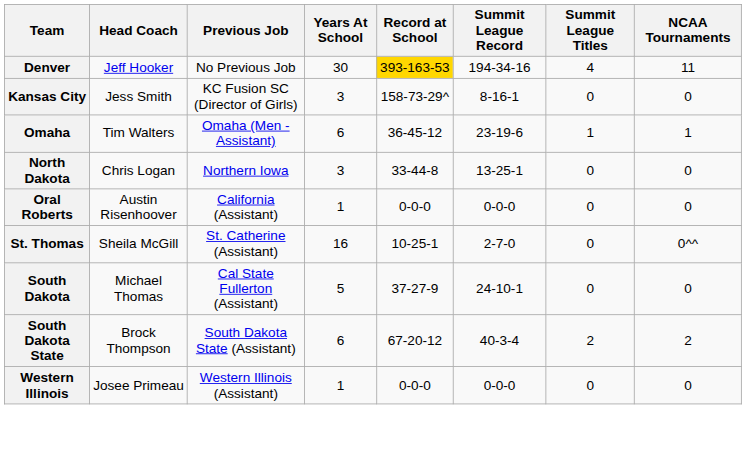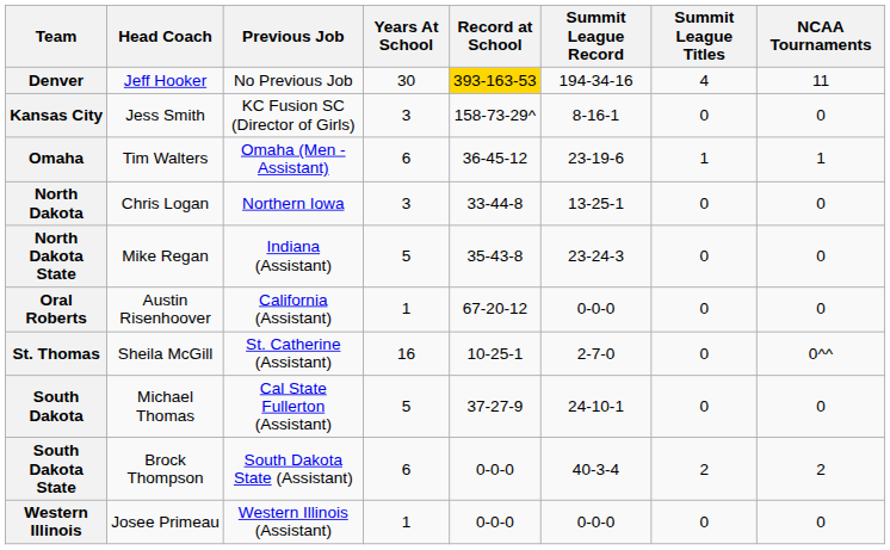 <table class="wikitable sortable" style="text-align:center">
 <tr>
 <th>Team</th>
 <th>Head Coach</th>
 <th>Previous Job</th>
 <th>Years At School</th>
 <th>Record at School</th>
 <th>Summit League Record</th>
 <th>Summit League Titles</th>
 <th>NCAA Tournaments</th>
 </tr>
 <tr>
 <th>Denver</th>
 <td><a href='#'>Jeff Hooker</a></td>
 <td>No Previous Job</td>
 <td>30</td>
 <td style="background: gold;">393-163-53</td>
 <td>194-34-16</td>
 <td>4</td>
 <td>11</td>
 </tr>
 <tr>
 <th>Kansas City</th>
 <td>Jess Smith</td>
 <td>KC Fusion SC (Director of Girls)</td>
 <td>3</td>
 <td>158-73-29^</td>
 <td>8-16-1</td>
 <td>0</td>
 <td>0</td>
 </tr>
 <tr>
 <th>Omaha</th>
 <td>Tim Walters</td>
 <td><a href='#'>Omaha (Men - Assistant)</a></td>
 <td>6</td>
 <td>36-45-12</td>
 <td>23-19-6</td>
 <td>1</td>
 <td>1</td>
 </tr>
 <tr>
 <th>North Dakota</th>
 <td>Chris Logan</td>
 <td><a href='#'>Northern Iowa</a></td>
 <td>3</td>
 <td>33-44-8</td>
 <td>13-25-1</td>
 <td>0</td>
 <td>0</td>
 </tr>
 <tr>
+<th>North Dakota State</th>
+<td>Mike Regan</td>
+<td><a href='#'>Indiana</a> (Assistant)</td>
+<td>5</td>
+<td>35-43-8</td>
+<td>23-24-3</td>
+<td>0</td>
+<td>0</td>
+</tr>
+<tr>
 <th>Oral Roberts</th>
 <td>Austin Risenhoover</td>
 <td><a href='#'>California</a> (Assistant)</td>
 <td>1</td>
-<td>0-0-0</td>
+<td>67-20-12</td>
 <td>0-0-0</td>
 <td>0</td>
 <td>0</td>
 </tr>
 <tr>
 <th>St. Thomas</th>
 <td>Sheila McGill</td>
 <td><a href='#'>St. Catherine</a> (Assistant)</td>
 <td>16</td>
 <td>10-25-1</td>
 <td>2-7-0</td>
 <td>0</td>
 <td>0^^</td>
 </tr>
 <tr>
 <th>South Dakota</th>
 <td>Michael Thomas</td>
 <td><a href='#'>Cal State Fullerton</a> (Assistant)</td>
 <td>5</td>
 <td>37-27-9</td>
 <td>24-10-1</td>
 <td>0</td>
 <td>0</td>
 </tr>
 <tr>
 <th>South Dakota State</th>
 <td>Brock Thompson</td>
 <td><a href='#'>South Dakota State</a> (Assistant)</td>
 <td>6</td>
-<td>67-20-12</td>
+<td>0-0-0</td>
 <td>40-3-4</td>
 <td>2</td>
 <td>2</td>
 </tr>
 <tr>
 <th>Western Illinois</th>
 <td>Josee Primeau</td>
 <td><a href='#'>Western Illinois</a> (Assistant)</td>
 <td>1</td>
 <td>0-0-0</td>
 <td>0-0-0</td>
 <td>0</td>
 <td>0</td>
 </tr>
 </table>
